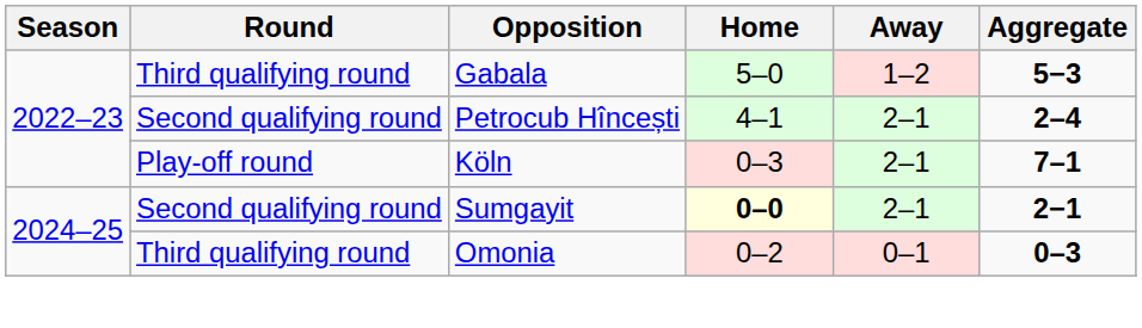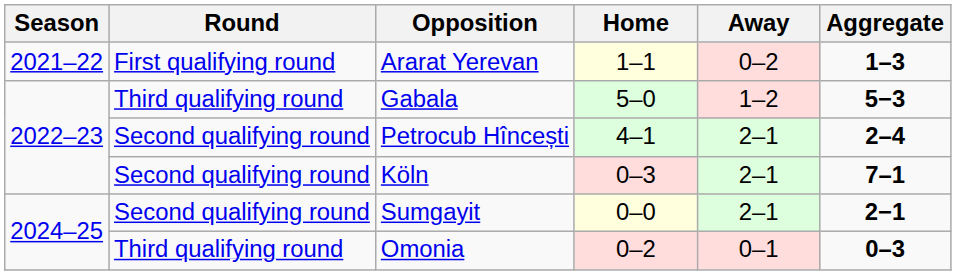 <table class="wikitable">
 <tr>
 <th>Season</th>
 <th>Round</th>
 <th>Opposition</th>
 <th width=75>Home</th>
 <th width=75>Away</th>
 <th width=80>Aggregate</th>
+</tr>
+<tr>
+<td><a href='#'>2021–22</a></td>
+<td><a href='#'>First qualifying round</a></td>
+<td> <a href='#'>Ararat Yerevan</a></td>
+<td style="text-align:center; background:#ffd;">1–1</td>
+<td style="text-align:center; background:#fdd;">0–2</td>
+<td style="text-align:center;"><strong>1–3</strong></td>
 </tr>
 <tr>
 <td rowspan="3"><a href='#'>2022–23</a></td>
 <td><a href='#'>Third qualifying round</a></td>
 <td> <a href='#'>Gabala</a></td>
 <td style="text-align:center; background:#dfd;">5–0</td>
 <td style="text-align:center; background:#fdd;">1–2</td>
 <td style="text-align:center;"><strong>5−3</strong></td>
 </tr>
 <tr>
 <td><a href='#'>Second qualifying round</a></td>
 <td> <a href='#'>Petrocub Hîncești</a></td>
 <td style="text-align:center; background:#dfd;">4–1</td>
 <td style="text-align:center; background:#dfd;">2–1</td>
 <td style="text-align:center;"><strong>2–4</strong></td>
 </tr>
 <tr>
-<td><a href='#'>Play-off round</a></td>
+<td><a href='#'>Second qualifying round</a></td>
 <td> <a href='#'>Köln</a></td>
 <td style="text-align:center; background:#fdd;">0–3</td>
 <td style="text-align:center; background:#dfd;">2–1</td>
 <td style="text-align:center;"><strong>7–1</strong></td>
 </tr>
 <tr>
 <td rowspan="2"><a href='#'>2024–25</a></td>
 <td><a href='#'>Second qualifying round</a></td>
 <td> <a href='#'>Sumgayit</a></td>
-<td style="text-align:center; background:#ffd;"><strong>0–0</strong></td>
+<td style="text-align:center; background:#ffd;">0–0</td>
 <td style="text-align:center; background:#dfd;">2–1</td>
 <td style="text-align:center;"><strong>2−1</strong></td>
 </tr>
 <tr>
 <td><a href='#'>Third qualifying round</a></td>
 <td> <a href='#'>Omonia</a></td>
 <td style="text-align:center; background:#fdd;">0–2</td>
 <td style="text-align:center; background:#fdd;">0–1</td>
 <td style="text-align:center;"><strong>0–3</strong></td>
 </tr>
 </table>
